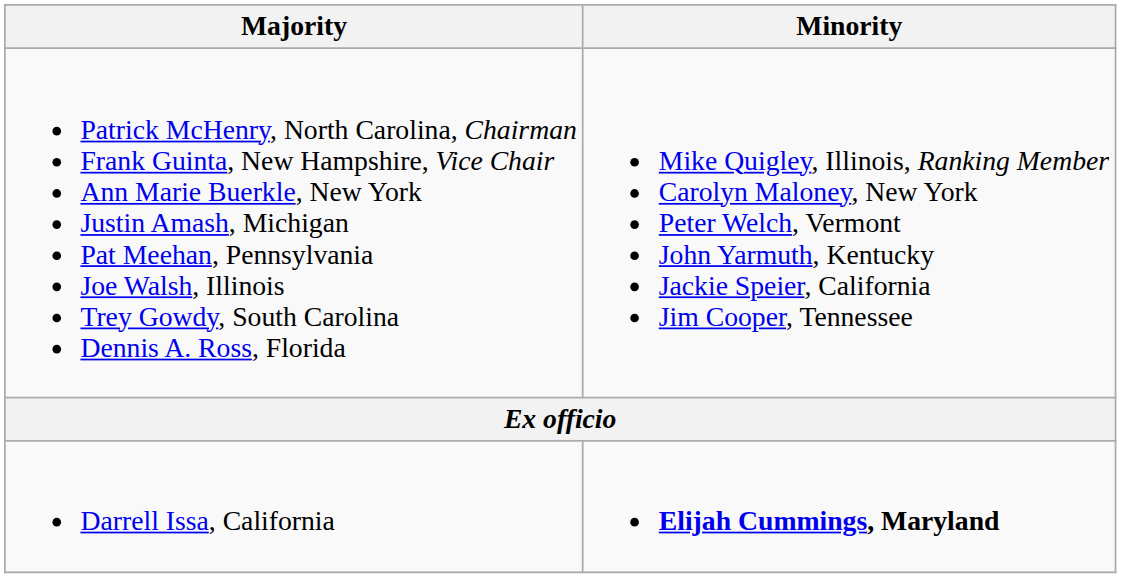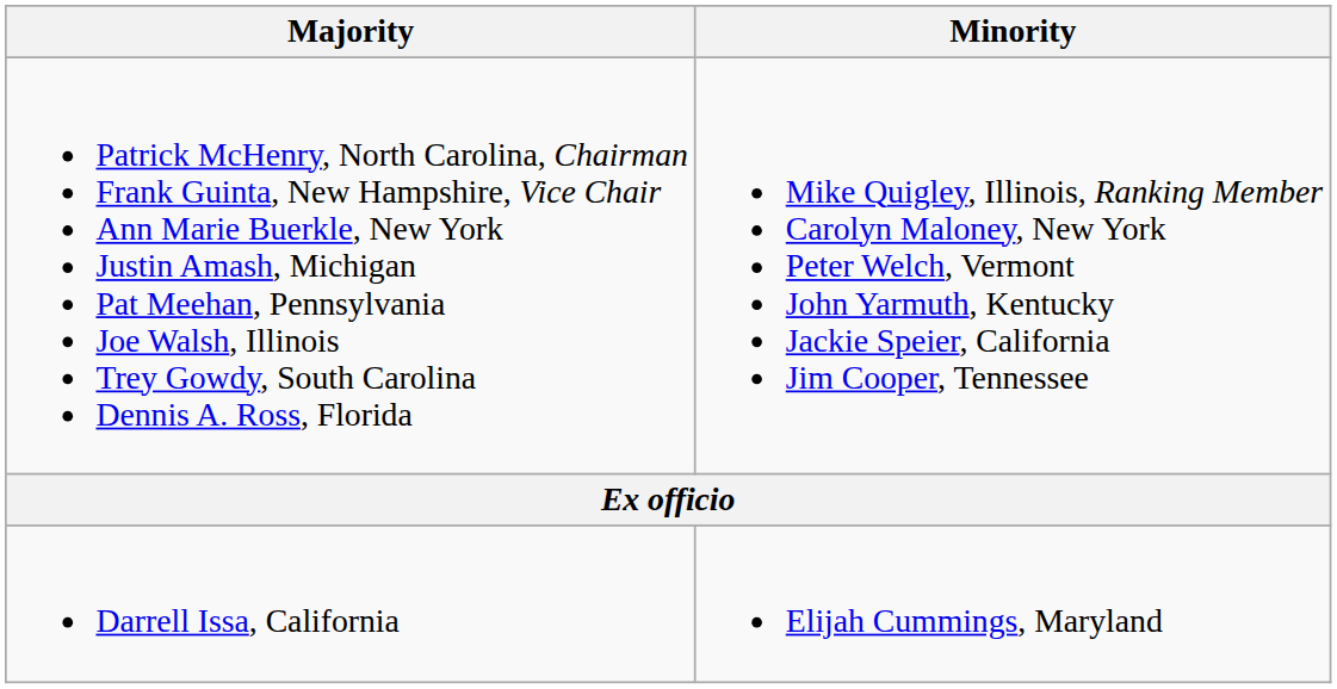 <table class=wikitable>
 <tr>
 <th>Majority</th>
 <th>Minority</th>
 </tr>
 <tr>
 <td><br><ul><li><a href='#'>Patrick McHenry</a>, North Carolina, <em>Chairman</em></li><li><a href='#'>Frank Guinta</a>, New Hampshire, <em>Vice Chair</em></li><li><a href='#'>Ann Marie Buerkle</a>, New York</li><li><a href='#'>Justin Amash</a>, Michigan</li><li><a href='#'>Pat Meehan</a>, Pennsylvania</li><li><a href='#'>Joe Walsh</a>, Illinois</li><li><a href='#'>Trey Gowdy</a>, South Carolina</li><li><a href='#'>Dennis A. Ross</a>, Florida</li></ul></td>
 <td><br><ul><li><a href='#'>Mike Quigley</a>, Illinois, <em>Ranking Member</em></li><li><a href='#'>Carolyn Maloney</a>, New York</li><li><a href='#'>Peter Welch</a>, Vermont</li><li><a href='#'>John Yarmuth</a>, Kentucky</li><li><a href='#'>Jackie Speier</a>, California</li><li><a href='#'>Jim Cooper</a>, Tennessee</li></ul></td>
 </tr>
 <tr>
 <th colspan=2><em>Ex officio</em></th>
 </tr>
 <tr>
 <td><br><ul><li><a href='#'>Darrell Issa</a>, California</li></ul></td>
-<td><strong><br><ul><li><a href='#'>Elijah Cummings</a>, Maryland</li></ul></strong></td>
+<td><br><ul><li><a href='#'>Elijah Cummings</a>, Maryland</li></ul></td>
 </tr>
 </table>
